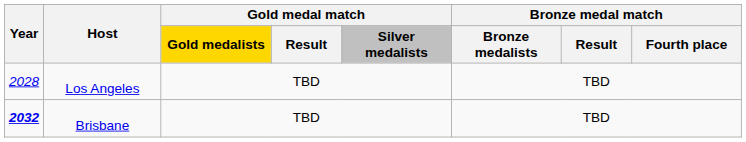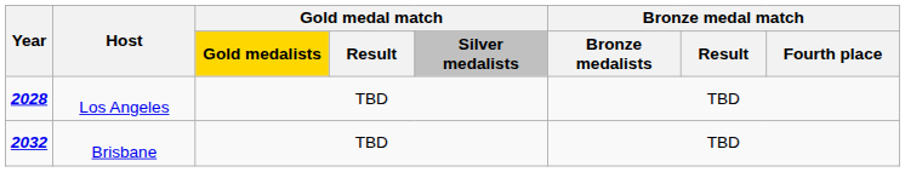 <table class="wikitable" style="border-collapse:collapse; font-size:100%; text-align:center;">
 <tr>
 <th rowspan=2 width=5%>Year</th>
 <th rowspan=2 width=15%>Host</th>
 <th colspan=3>Gold medal match</th>
 <th colspan=3>Bronze medal match</th>
 </tr>
 <tr>
 <th style="width:14%; background:gold;">Gold medalists</th>
 <th width=9%>Result</th>
 <th style="width:14%; background:silver;">Silver medalists</th>
 <th style="width:14%; background:bronze;">Bronze medalists</th>
 <th width=9%>Result</th>
 <th style="width:14%; ">Fourth place</th>
 </tr>
 <tr>
-<td><em><a href='#'>2028</a></em></td>
+<td><strong><em><a href='#'>2028</a></em></strong></td>
 <td> <br> <a href='#'>Los Angeles</a></td>
 <td colspan="3">TBD</td>
 <td colspan="3">TBD</td>
 </tr>
 <tr>
 <td><strong><em><a href='#'>2032</a></em></strong></td>
 <td> <br> <a href='#'>Brisbane</a></td>
 <td colspan="3">TBD</td>
 <td colspan="3">TBD</td>
 </tr>
 </table>
